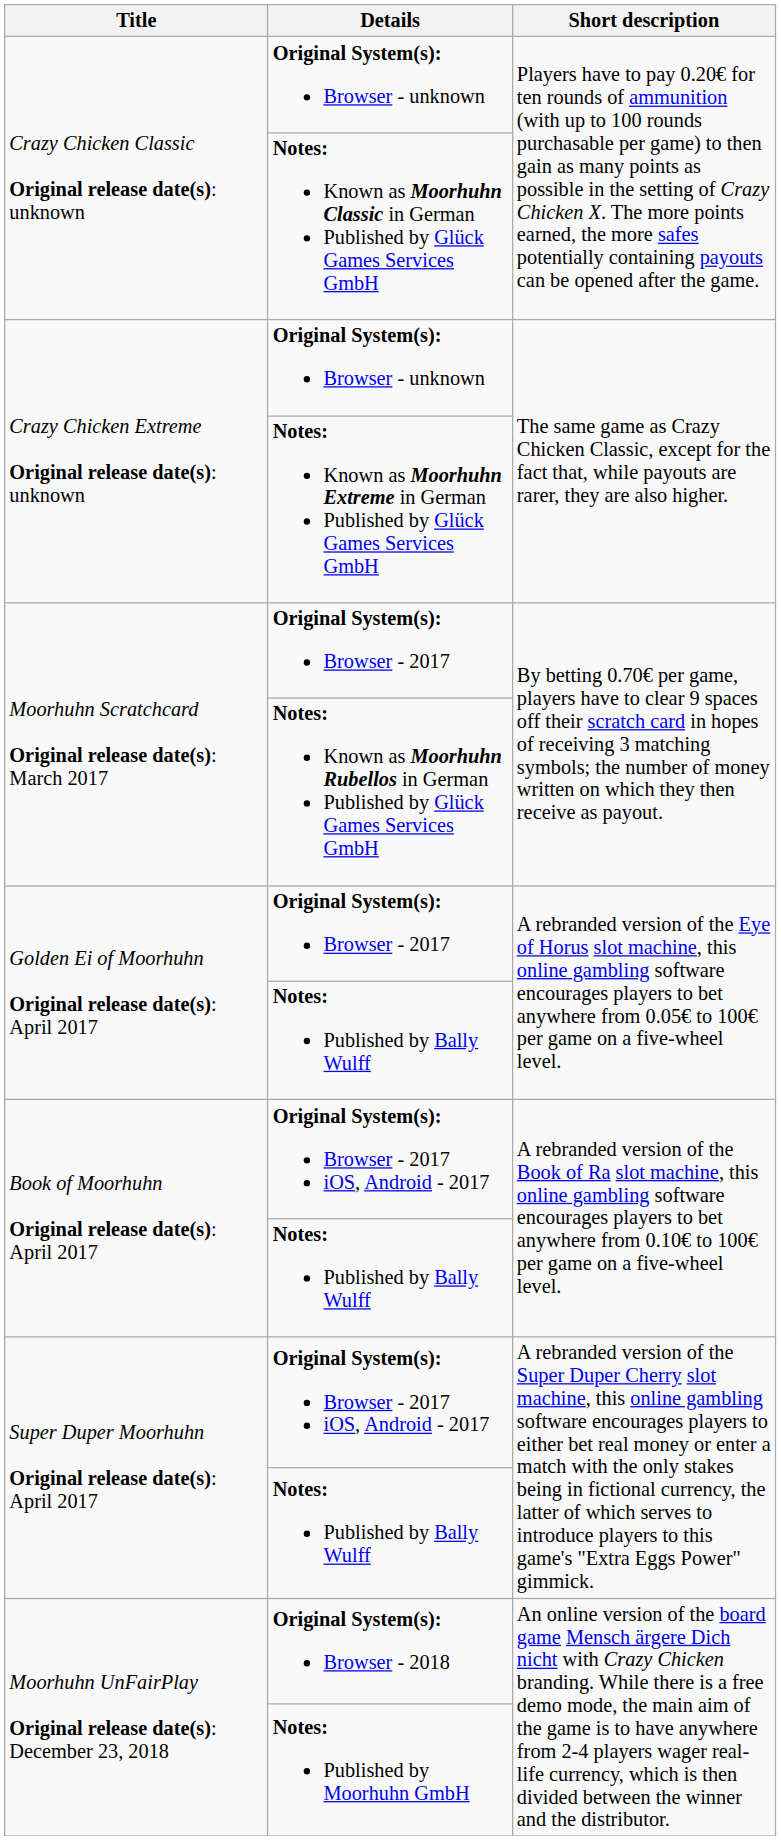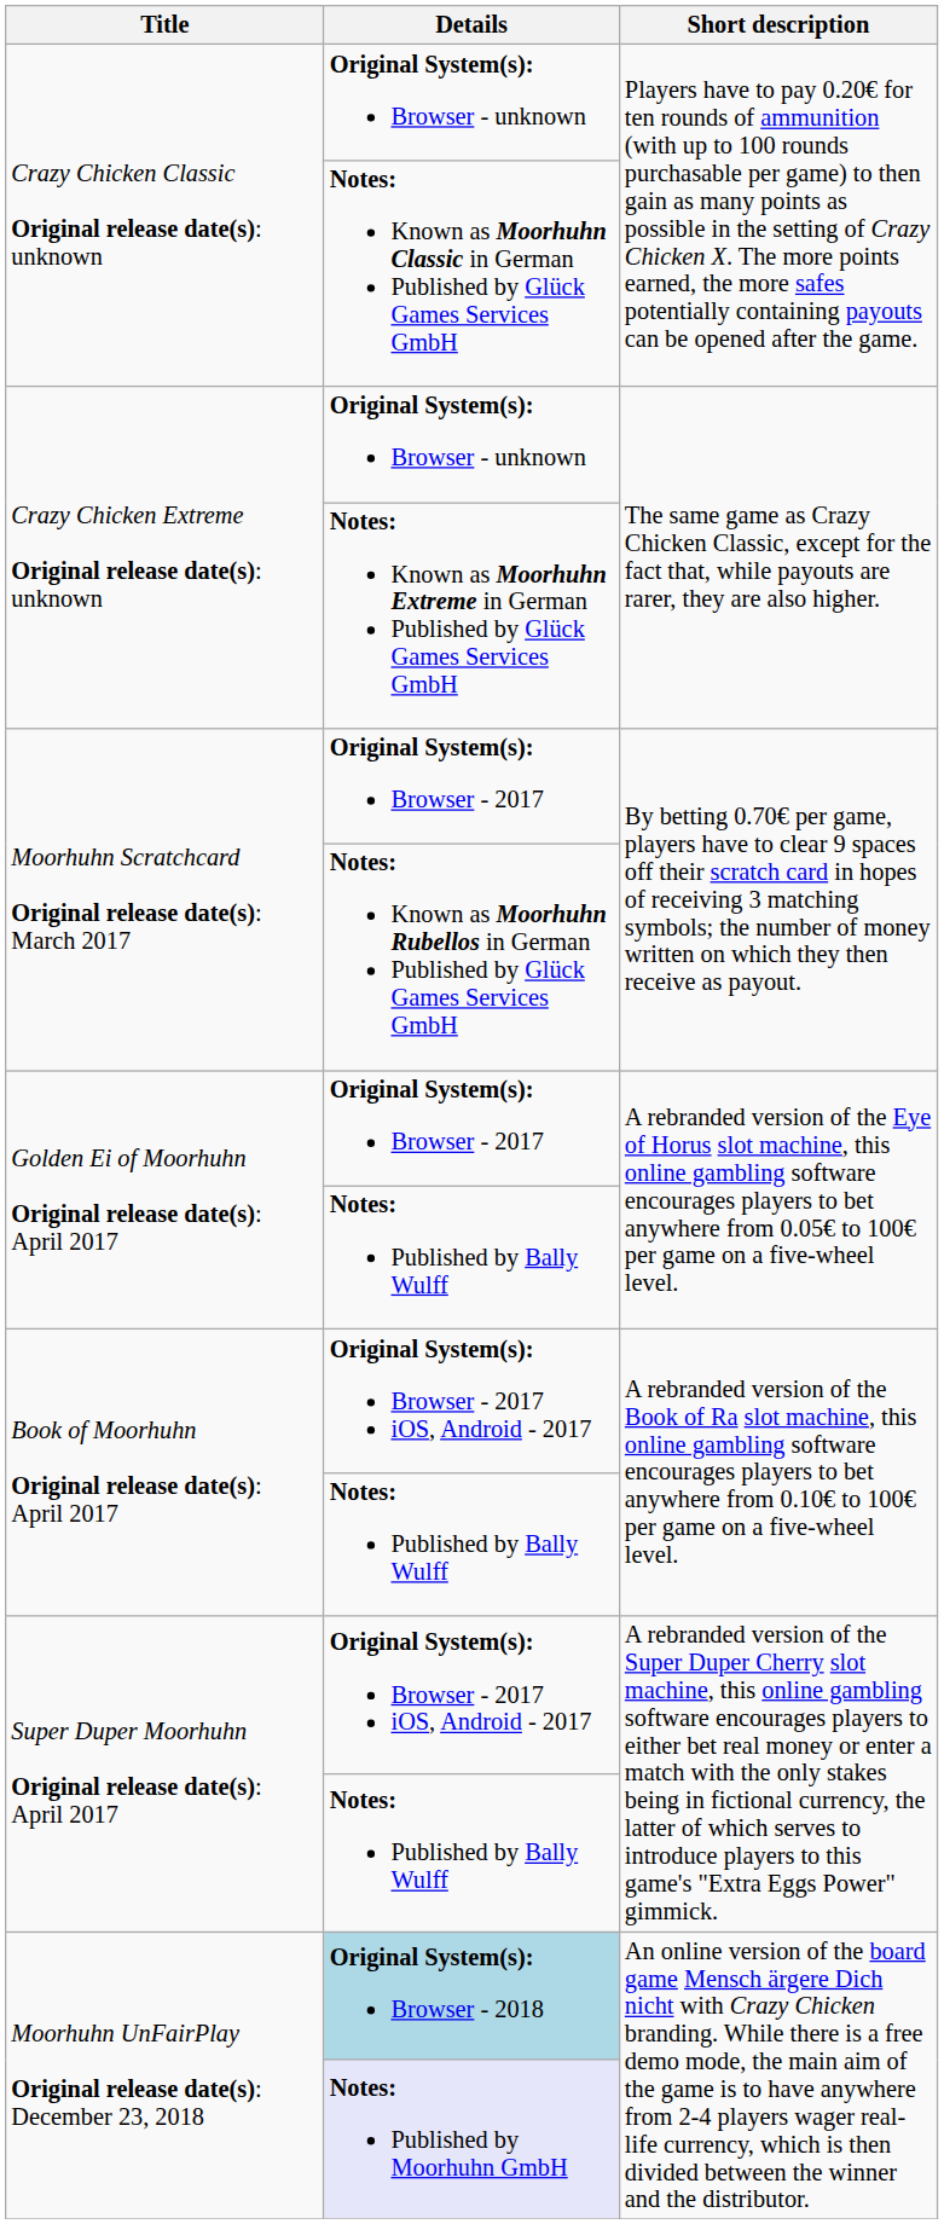 <table class="wikitable">
 <tr>
 <th style="width: 200px;">Title</th>
 <th>Details</th>
 <th style="width: 200px;">Short description</th>
 </tr>
 <tr>
 <td rowspan="2"><div><em>Crazy Chicken Classic</em><br><br><strong>Original release date(s)</strong>:<br>unknown<br></div></td>
 <td><strong>Original System(s):</strong><br><ul><li><a href='#'>Browser</a> - unknown</li></ul></td>
 <td rowspan="2">Players have to pay 0.20€ for ten rounds of <a href='#'>ammunition</a> (with up to 100 rounds purchasable per game) to then gain as many points as possible in the setting of <em>Crazy Chicken X</em>. The more points earned, the more <a href='#'>safes</a> potentially containing <a href='#'>payouts</a> can be opened after the game.</td>
 </tr>
 <tr>
 <td><strong>Notes:</strong><br><ul><li>Known as <strong><em>Moorhuhn Classic</em></strong> in German</li><li>Published by <a href='#'>Glück Games Services GmbH</a></li></ul></td>
 </tr>
 <tr>
 <td rowspan="2"><div><em>Crazy Chicken Extreme</em><br><br><strong>Original release date(s)</strong>:<br>unknown<br></div></td>
 <td><strong>Original System(s):</strong><br><ul><li><a href='#'>Browser</a> - unknown</li></ul></td>
 <td rowspan="2">The same game as Crazy Chicken Classic, except for the fact that, while payouts are rarer, they are also higher.</td>
 </tr>
 <tr>
 <td><strong>Notes:</strong><br><ul><li>Known as <strong><em>Moorhuhn Extreme</em></strong> in German</li><li>Published by <a href='#'>Glück Games Services GmbH</a></li></ul></td>
 </tr>
 <tr>
 <td rowspan="2"><div><em>Moorhuhn Scratchcard</em><br><br><strong>Original release date(s)</strong>:<br>March 2017<br></div></td>
 <td><strong>Original System(s):</strong><br><ul><li><a href='#'>Browser</a> - 2017</li></ul></td>
 <td rowspan="2">By betting 0.70€ per game, players have to clear 9 spaces off their <a href='#'>scratch card</a> in hopes of receiving 3 matching symbols; the number of money written on which they then receive as payout.</td>
 </tr>
 <tr>
 <td><strong>Notes:</strong><br><ul><li>Known as <strong><em>Moorhuhn Rubellos</em></strong> in German</li><li>Published by <a href='#'>Glück Games Services GmbH</a></li></ul></td>
 </tr>
 <tr>
 <td rowspan="2"><div><em>Golden Ei of Moorhuhn</em><br><br><strong>Original release date(s)</strong>:<br>April 2017<br></div></td>
 <td><strong>Original System(s):</strong><br><ul><li><a href='#'>Browser</a> - 2017</li></ul></td>
 <td rowspan="2">A rebranded version of the <a href='#'>Eye of Horus</a> <a href='#'>slot machine</a>, this <a href='#'>online gambling</a> software encourages players to bet anywhere from 0.05€ to 100€ per game on a five-wheel level.</td>
 </tr>
 <tr>
 <td><strong>Notes:</strong><br><ul><li>Published by <a href='#'>Bally Wulff</a></li></ul></td>
 </tr>
 <tr>
 <td rowspan="2"><div><em>Book of Moorhuhn</em><br><br><strong>Original release date(s)</strong>:<br>April 2017<br></div></td>
 <td><strong>Original System(s):</strong><br><ul><li><a href='#'>Browser</a> - 2017</li><li><a href='#'>iOS</a>, <a href='#'>Android</a> - 2017</li></ul></td>
 <td rowspan="2">A rebranded version of the <a href='#'>Book of Ra</a> <a href='#'>slot machine</a>, this <a href='#'>online gambling</a> software encourages players to bet anywhere from 0.10€ to 100€ per game on a five-wheel level.</td>
 </tr>
 <tr>
 <td><strong>Notes:</strong><br><ul><li>Published by <a href='#'>Bally Wulff</a></li></ul></td>
 </tr>
 <tr>
 <td rowspan="2"><div><em>Super Duper Moorhuhn</em><br><br><strong>Original release date(s)</strong>:<br>April 2017<br></div></td>
 <td><strong>Original System(s):</strong><br><ul><li><a href='#'>Browser</a> - 2017</li><li><a href='#'>iOS</a>, <a href='#'>Android</a> - 2017</li></ul></td>
 <td rowspan="2">A rebranded version of the <a href='#'>Super Duper Cherry</a> <a href='#'>slot machine</a>, this <a href='#'>online gambling</a> software encourages players to either bet real money or enter a match with the only stakes being in fictional currency, the latter of which serves to introduce players to this game's "Extra Eggs Power" gimmick.</td>
 </tr>
 <tr>
 <td><strong>Notes:</strong><br><ul><li>Published by <a href='#'>Bally Wulff</a></li></ul></td>
 </tr>
 <tr>
 <td rowspan="2"><div><em>Moorhuhn UnFairPlay</em><br><br><strong>Original release date(s)</strong>:<br>December 23, 2018<br></div></td>
-<td><strong>Original System(s):</strong><br><ul><li><a href='#'>Browser</a> - 2018</li></ul></td>
+<td style="background: lightblue;"><strong>Original System(s):</strong><br><ul><li><a href='#'>Browser</a> - 2018</li></ul></td>
 <td rowspan="2">An online version of the <a href='#'>board game</a> <a href='#'>Mensch ärgere Dich nicht</a> with <em>Crazy Chicken</em> branding. While there is a free demo mode, the main aim of the game is to have anywhere from 2-4 players wager real-life currency, which is then divided between the winner and the distributor.</td>
 </tr>
 <tr>
-<td><strong>Notes:</strong><br><ul><li>Published by <a href='#'>Moorhuhn GmbH</a></li></ul></td>
+<td style="background: lavender;"><strong>Notes:</strong><br><ul><li>Published by <a href='#'>Moorhuhn GmbH</a></li></ul></td>
 </tr>
 </table>
